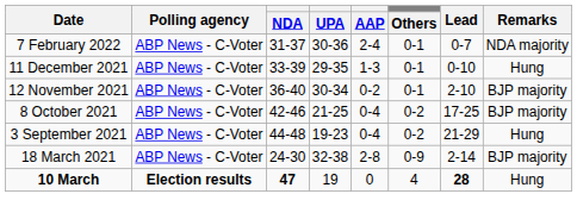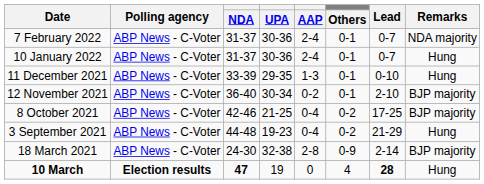 <table class="wikitable sortable" style="text-align:center; font-size:95%">
 <tr>
 <th rowspan="2">Date</th>
 <th rowspan="2">Polling agency</th>
 <th style="background:"></th>
 <th style="background:"></th>
 <th style="text-align:center; background:"></th>
 <th style="background:gray;"></th>
 <th rowspan="2">Lead</th>
 <th rowspan="2">Remarks</th>
 </tr>
 <tr>
 <th><a href='#'>NDA</a></th>
 <th><a href='#'>UPA</a></th>
 <th><a href='#'>AAP</a></th>
 <th>Others</th>
 </tr>
 <tr>
 <td>7 February 2022</td>
 <td><a href='#'>ABP News</a> - C-Voter</td>
 <td style="background:">31-37</td>
 <td>30-36</td>
 <td>2-4</td>
 <td>0-1</td>
 <td style="background:">0-7</td>
 <td style="background:">NDA majority</td>
+</tr>
+<tr>
+<td>10 January 2022</td>
+<td><a href='#'>ABP News</a> - C-Voter</td>
+<td style="background:">31-37</td>
+<td>30-36</td>
+<td>2-4</td>
+<td>0-1</td>
+<td style="background:">0-7</td>
+<td>Hung</td>
 </tr>
 <tr>
 <td>11 December 2021</td>
 <td><a href='#'>ABP News</a> - C-Voter</td>
 <td style="background:">33-39</td>
 <td>29-35</td>
 <td>1-3</td>
 <td>0-1</td>
 <td style="background:">0-10</td>
 <td>Hung</td>
 </tr>
 <tr>
 <td>12 November 2021</td>
 <td><a href='#'>ABP News</a> - C-Voter</td>
 <td style="background:">36-40</td>
 <td>30-34</td>
 <td>0-2</td>
 <td>0-1</td>
 <td style="background:">2-10</td>
 <td>BJP majority</td>
 </tr>
 <tr>
 <td>8 October 2021</td>
 <td><a href='#'>ABP News</a> - C-Voter</td>
 <td style="background:">42-46</td>
 <td>21-25</td>
 <td>0-4</td>
 <td>0-2</td>
 <td style="background:">17-25</td>
 <td>BJP majority</td>
 </tr>
 <tr>
 <td>3 September 2021</td>
 <td><a href='#'>ABP News</a> - C-Voter</td>
 <td style="background:">44-48</td>
 <td>19-23</td>
 <td>0-4</td>
 <td>0-2</td>
 <td style="background:">21-29</td>
 <td>Hung</td>
 </tr>
 <tr>
 <td>18 March 2021</td>
 <td><a href='#'>ABP News</a> - C-Voter</td>
 <td>24-30</td>
 <td style="background:">32-38</td>
 <td>2-8</td>
 <td>0-9</td>
 <td style="background:">2-14</td>
 <td>BJP majority</td>
 </tr>
 <tr>
 <td style="background:"><strong>10 March</strong></td>
 <td style="background:"><strong>Election results</strong></td>
 <td><strong>47</strong></td>
 <td style="background:">19</td>
 <td style="background:">0</td>
 <td style="background:">4</td>
 <td><strong>28</strong></td>
 <td>Hung</td>
 </tr>
 </table>
